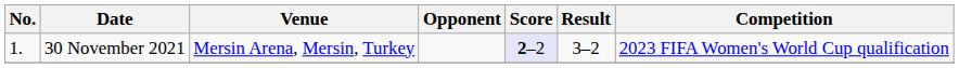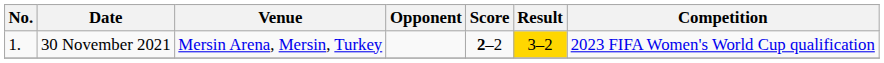 <table class="wikitable">
 <tr>
 <th>No.</th>
 <th>Date</th>
 <th>Venue</th>
 <th>Opponent</th>
 <th>Score</th>
 <th>Result</th>
 <th>Competition</th>
 </tr>
 <tr>
 <td>1.</td>
 <td>30 November 2021</td>
 <td><a href='#'>Mersin Arena</a>, <a href='#'>Mersin</a>, <a href='#'>Turkey</a></td>
 <td></td>
-<td align=center style="background: lavender;"><strong>2</strong>–2</td>
-<td align=center>3–2</td>
+<td align=center><strong>2</strong>–2</td>
+<td align=center style="background: gold;">3–2</td>
 <td><a href='#'>2023 FIFA Women's World Cup qualification</a></td>
 </tr>
 <tr>
 </tr>
 </table>
